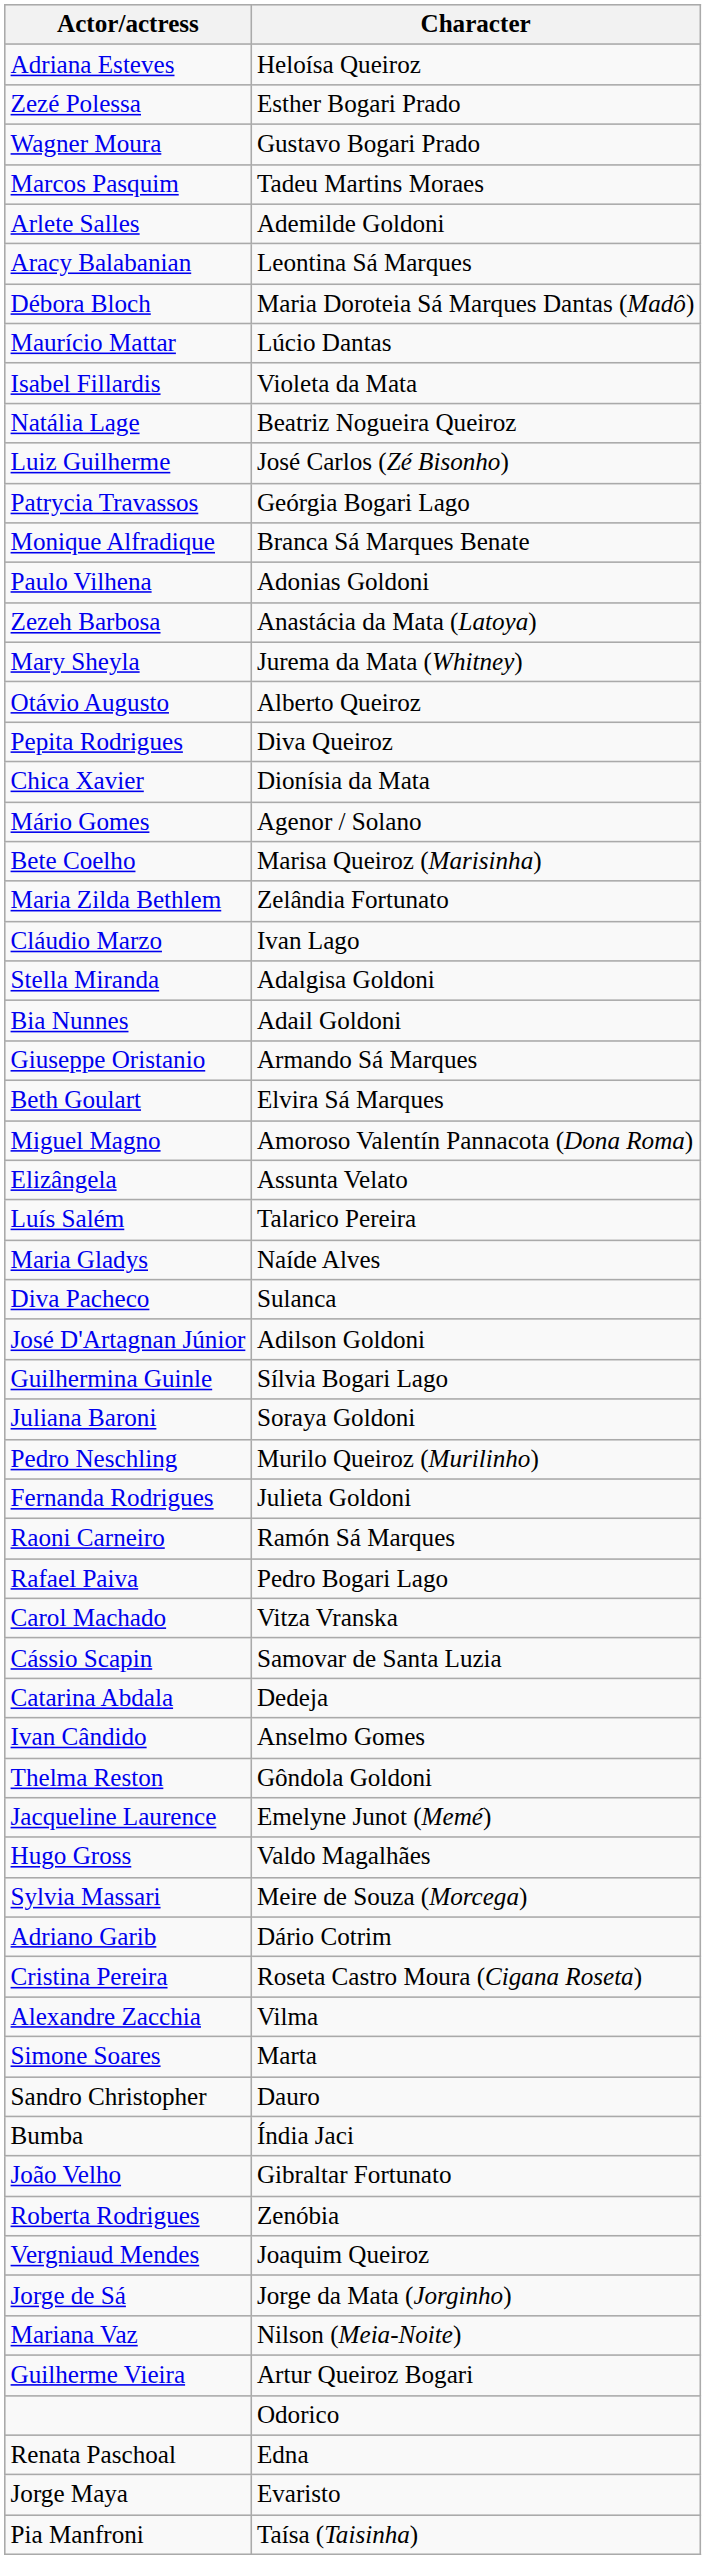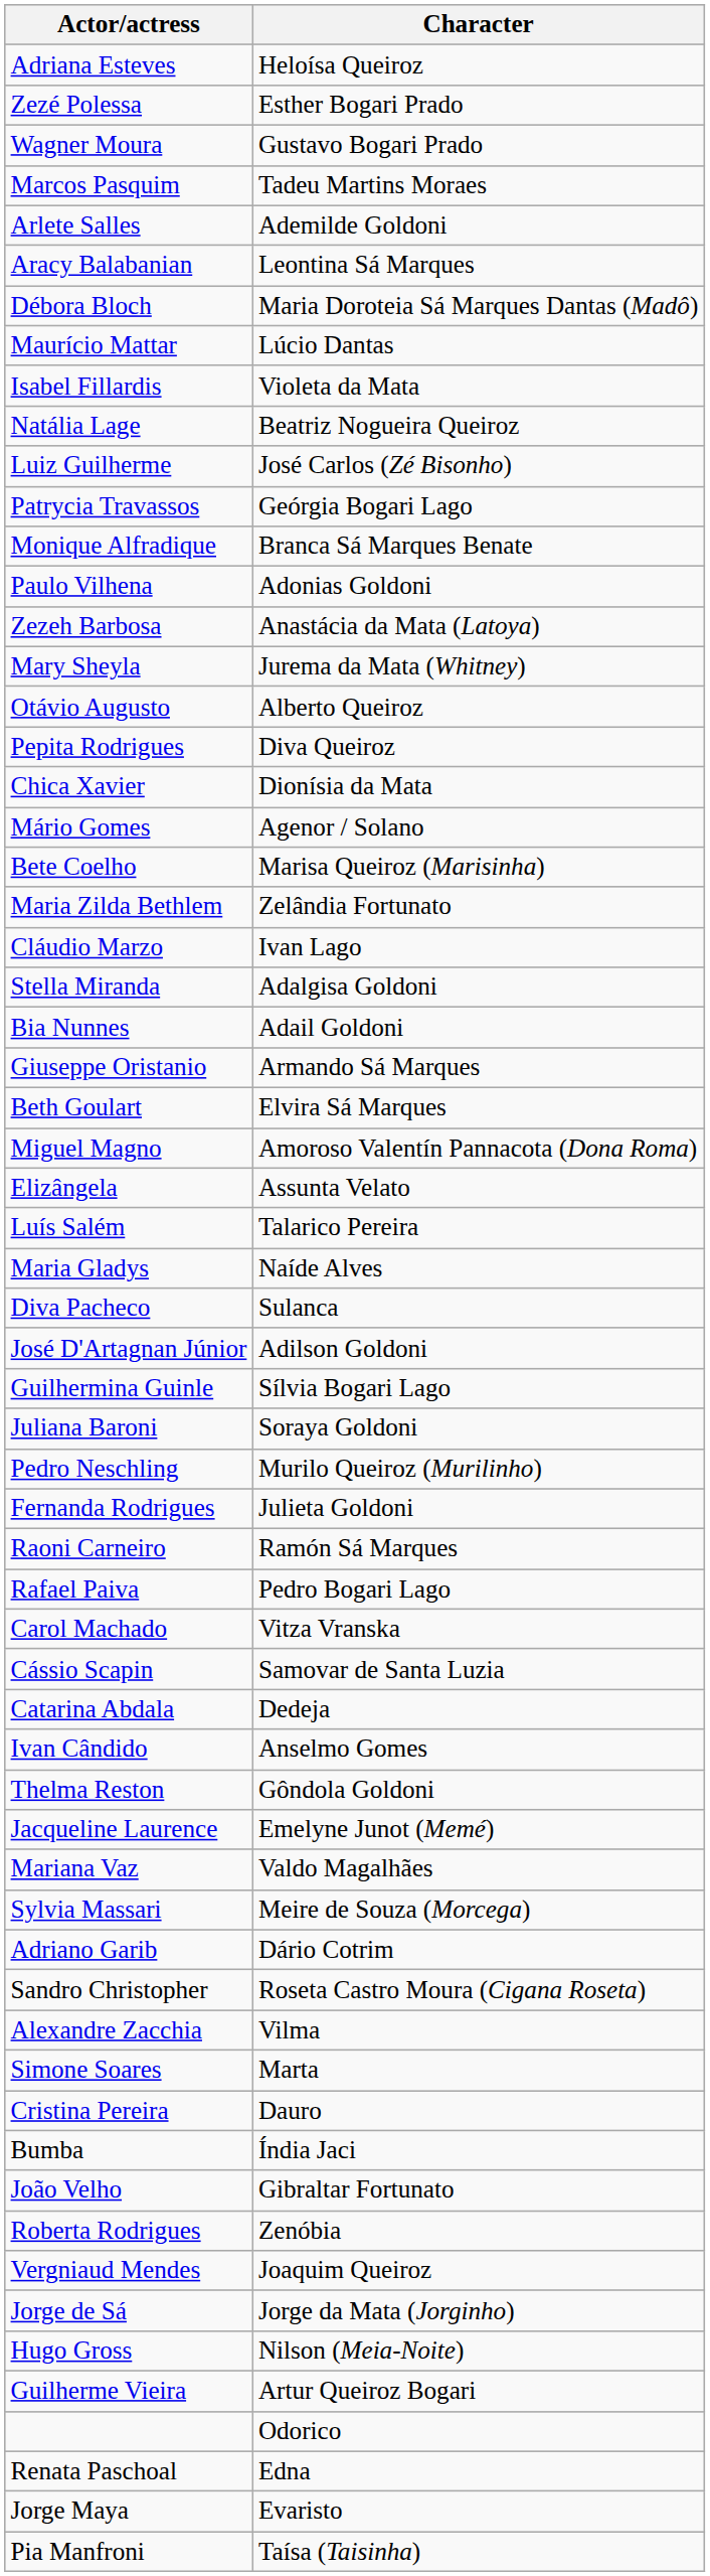 <table class="wikitable sortable">
 <tr>
 <th>Actor/actress</th>
 <th>Character</th>
 </tr>
 <tr>
 <td><a href='#'>Adriana Esteves</a></td>
 <td>Heloísa Queiroz</td>
 </tr>
 <tr>
 <td><a href='#'>Zezé Polessa</a></td>
 <td>Esther Bogari Prado</td>
 </tr>
 <tr>
 <td><a href='#'>Wagner Moura</a></td>
 <td>Gustavo Bogari Prado</td>
 </tr>
 <tr>
 <td><a href='#'>Marcos Pasquim</a></td>
 <td>Tadeu Martins Moraes</td>
 </tr>
 <tr>
 <td><a href='#'>Arlete Salles</a></td>
 <td>Ademilde Goldoni</td>
 </tr>
 <tr>
 <td><a href='#'>Aracy Balabanian</a></td>
 <td>Leontina Sá Marques</td>
 </tr>
 <tr>
 <td><a href='#'>Débora Bloch</a></td>
 <td>Maria Doroteia Sá Marques Dantas (<em>Madô</em>)</td>
 </tr>
 <tr>
 <td><a href='#'>Maurício Mattar</a></td>
 <td>Lúcio Dantas</td>
 </tr>
 <tr>
 <td><a href='#'>Isabel Fillardis</a></td>
 <td>Violeta da Mata</td>
 </tr>
 <tr>
 <td><a href='#'>Natália Lage</a></td>
 <td>Beatriz Nogueira Queiroz</td>
 </tr>
 <tr>
 <td><a href='#'>Luiz Guilherme</a></td>
 <td>José Carlos (<em>Zé Bisonho</em>)</td>
 </tr>
 <tr>
 <td><a href='#'>Patrycia Travassos</a></td>
 <td>Geórgia Bogari Lago</td>
 </tr>
 <tr>
 <td><a href='#'>Monique Alfradique</a></td>
 <td>Branca Sá Marques Benate</td>
 </tr>
 <tr>
 <td><a href='#'>Paulo Vilhena</a></td>
 <td>Adonias Goldoni</td>
 </tr>
 <tr>
 <td><a href='#'>Zezeh Barbosa</a></td>
 <td>Anastácia da Mata (<em>Latoya</em>)</td>
 </tr>
 <tr>
 <td><a href='#'>Mary Sheyla</a></td>
 <td>Jurema da Mata (<em>Whitney</em>)</td>
 </tr>
 <tr>
 <td><a href='#'>Otávio Augusto</a></td>
 <td>Alberto Queiroz</td>
 </tr>
 <tr>
 <td><a href='#'>Pepita Rodrigues</a></td>
 <td>Diva Queiroz</td>
 </tr>
 <tr>
 <td><a href='#'>Chica Xavier</a></td>
 <td>Dionísia da Mata</td>
 </tr>
 <tr>
 <td><a href='#'>Mário Gomes</a></td>
 <td>Agenor / Solano</td>
 </tr>
 <tr>
 <td><a href='#'>Bete Coelho</a></td>
 <td>Marisa Queiroz (<em>Marisinha</em>)</td>
 </tr>
 <tr>
 <td><a href='#'>Maria Zilda Bethlem</a></td>
 <td>Zelândia Fortunato</td>
 </tr>
 <tr>
 <td><a href='#'>Cláudio Marzo</a></td>
 <td>Ivan Lago</td>
 </tr>
 <tr>
 <td><a href='#'>Stella Miranda</a></td>
 <td>Adalgisa Goldoni</td>
 </tr>
 <tr>
 <td><a href='#'>Bia Nunnes</a></td>
 <td>Adail Goldoni</td>
 </tr>
 <tr>
 <td><a href='#'>Giuseppe Oristanio</a></td>
 <td>Armando Sá Marques</td>
 </tr>
 <tr>
 <td><a href='#'>Beth Goulart</a></td>
 <td>Elvira Sá Marques</td>
 </tr>
 <tr>
 <td><a href='#'>Miguel Magno</a></td>
 <td>Amoroso Valentín Pannacota (<em>Dona Roma</em>)</td>
 </tr>
 <tr>
 <td><a href='#'>Elizângela</a></td>
 <td>Assunta Velato</td>
 </tr>
 <tr>
 <td><a href='#'>Luís Salém</a></td>
 <td>Talarico Pereira</td>
 </tr>
 <tr>
 <td><a href='#'>Maria Gladys</a></td>
 <td>Naíde Alves</td>
 </tr>
 <tr>
 <td><a href='#'>Diva Pacheco</a></td>
 <td>Sulanca</td>
 </tr>
 <tr>
 <td><a href='#'>José D'Artagnan Júnior</a></td>
 <td>Adilson Goldoni</td>
 </tr>
 <tr>
 <td><a href='#'>Guilhermina Guinle</a></td>
 <td>Sílvia Bogari Lago</td>
 </tr>
 <tr>
 <td><a href='#'>Juliana Baroni</a></td>
 <td>Soraya Goldoni</td>
 </tr>
 <tr>
 <td><a href='#'>Pedro Neschling</a></td>
 <td>Murilo Queiroz (<em>Murilinho</em>)</td>
 </tr>
 <tr>
 <td><a href='#'>Fernanda Rodrigues</a></td>
 <td>Julieta Goldoni</td>
 </tr>
 <tr>
 <td><a href='#'>Raoni Carneiro</a></td>
 <td>Ramón Sá Marques</td>
 </tr>
 <tr>
 <td><a href='#'>Rafael Paiva</a></td>
 <td>Pedro Bogari Lago</td>
 </tr>
 <tr>
 <td><a href='#'>Carol Machado</a></td>
 <td>Vitza Vranska</td>
 </tr>
 <tr>
 <td><a href='#'>Cássio Scapin</a></td>
 <td>Samovar de Santa Luzia</td>
 </tr>
 <tr>
 <td><a href='#'>Catarina Abdala</a></td>
 <td>Dedeja</td>
 </tr>
 <tr>
 <td><a href='#'>Ivan Cândido</a></td>
 <td>Anselmo Gomes</td>
 </tr>
 <tr>
 <td><a href='#'>Thelma Reston</a></td>
 <td>Gôndola Goldoni</td>
 </tr>
 <tr>
 <td><a href='#'>Jacqueline Laurence</a></td>
 <td>Emelyne Junot (<em>Memé</em>)</td>
 </tr>
 <tr>
-<td><a href='#'>Hugo Gross</a></td>
+<td><a href='#'>Mariana Vaz</a></td>
 <td>Valdo Magalhães</td>
 </tr>
 <tr>
 <td><a href='#'>Sylvia Massari</a></td>
 <td>Meire de Souza (<em>Morcega</em>)</td>
 </tr>
 <tr>
 <td><a href='#'>Adriano Garib</a></td>
 <td>Dário Cotrim</td>
 </tr>
 <tr>
-<td><a href='#'>Cristina Pereira</a></td>
+<td>Sandro Christopher</td>
 <td>Roseta Castro Moura (<em>Cigana Roseta</em>)</td>
 </tr>
 <tr>
 <td><a href='#'>Alexandre Zacchia</a></td>
 <td>Vilma</td>
 </tr>
 <tr>
 <td><a href='#'>Simone Soares</a></td>
 <td>Marta</td>
 </tr>
 <tr>
-<td>Sandro Christopher</td>
+<td><a href='#'>Cristina Pereira</a></td>
 <td>Dauro</td>
 </tr>
 <tr>
 <td>Bumba</td>
 <td>Índia Jaci</td>
 </tr>
 <tr>
 <td><a href='#'>João Velho</a></td>
 <td>Gibraltar Fortunato</td>
 </tr>
 <tr>
 <td><a href='#'>Roberta Rodrigues</a></td>
 <td>Zenóbia</td>
 </tr>
 <tr>
 <td><a href='#'>Vergniaud Mendes</a></td>
 <td>Joaquim Queiroz</td>
 </tr>
 <tr>
 <td><a href='#'>Jorge de Sá</a></td>
 <td>Jorge da Mata (<em>Jorginho</em>)</td>
 </tr>
 <tr>
-<td><a href='#'>Mariana Vaz</a></td>
+<td><a href='#'>Hugo Gross</a></td>
 <td>Nilson (<em>Meia-Noite</em>)</td>
 </tr>
 <tr>
 <td><a href='#'>Guilherme Vieira</a></td>
 <td>Artur Queiroz Bogari</td>
 </tr>
 <tr>
 <td></td>
 <td>Odorico</td>
 </tr>
 <tr>
 <td>Renata Paschoal</td>
 <td>Edna</td>
 </tr>
 <tr>
 <td>Jorge Maya</td>
 <td>Evaristo</td>
 </tr>
 <tr>
 <td>Pia Manfroni</td>
 <td>Taísa (<em>Taisinha</em>)</td>
 </tr>
 <tr>
 </tr>
 </table>
